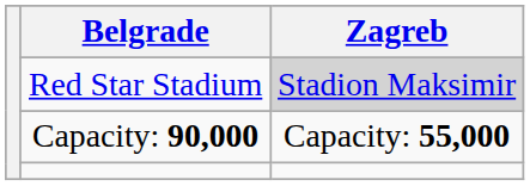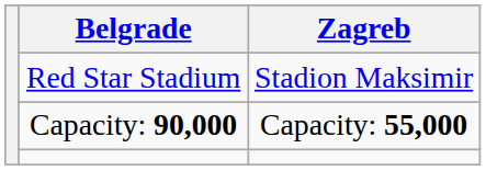 <table class="wikitable" style="text-align:center">
 <tr>
 <th rowspan="4"></th>
 <th><a href='#'>Belgrade</a></th>
 <th><a href='#'>Zagreb</a></th>
 </tr>
 <tr>
 <td><a href='#'>Red Star Stadium</a></td>
-<td style="background: lightgrey;"><a href='#'>Stadion Maksimir</a></td>
+<td><a href='#'>Stadion Maksimir</a></td>
 </tr>
 <tr>
 <td>Capacity: <strong>90,000</strong></td>
 <td>Capacity: <strong>55,000</strong></td>
 </tr>
 <tr>
 <td></td>
 <td></td>
 </tr>
 </table>
